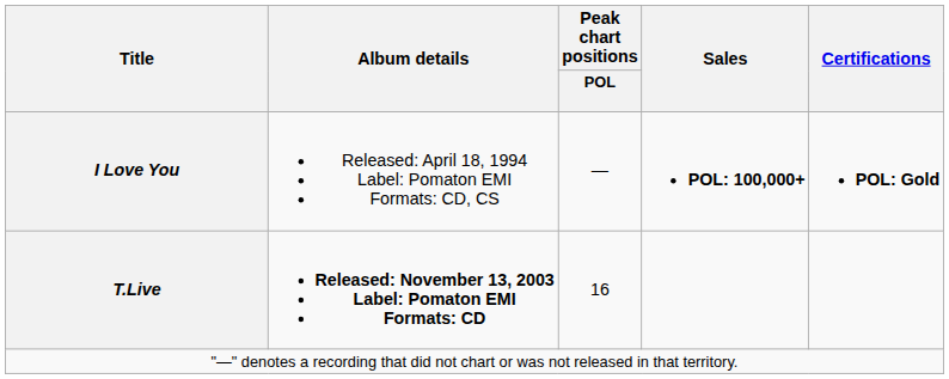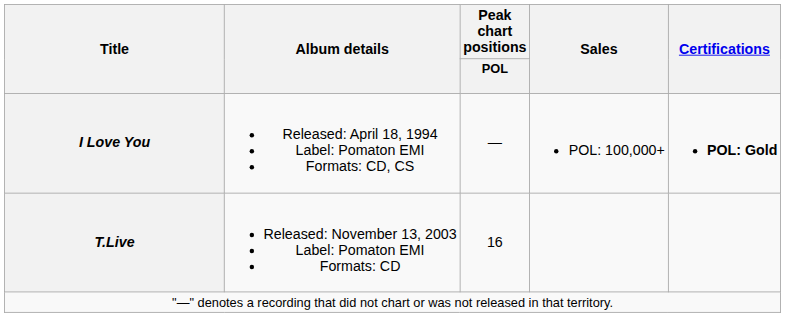 <table class="wikitable plainrowheaders" style="text-align:center;">
 <tr>
 <th scope="col" rowspan="2" style="width:15em;">Title</th>
 <th scope="col" rowspan="2">Album details</th>
 <th scope="col" colspan="1">Peak chart positions</th>
 <th scope="col" rowspan="2">Sales</th>
 <th scope="col" rowspan="2"><a href='#'>Certifications</a></th>
 </tr>
 <tr>
 <th scope="col" style="width:3em;font-size:90%;">POL<br><br></th>
 </tr>
 <tr>
 <th scope="row"><em>I Love You</em></th>
 <td><br><ul><li>Released: April 18, 1994</li><li>Label: Pomaton EMI</li><li>Formats: CD, CS</li></ul></td>
 <td>—</td>
-<td><strong><br><ul><li>POL: 100,000+</li></ul></strong></td>
+<td><br><ul><li>POL: 100,000+</li></ul></td>
 <td><strong><br><ul><li>POL: Gold</li></ul></strong></td>
 </tr>
 <tr>
 <th scope="row"><em>T.Live</em></th>
-<td><strong><br><ul><li>Released: November 13, 2003</li><li>Label: Pomaton EMI</li><li>Formats: CD</li></ul></strong></td>
+<td><br><ul><li>Released: November 13, 2003</li><li>Label: Pomaton EMI</li><li>Formats: CD</li></ul></td>
 <td>16</td>
 <td></td>
 <td></td>
 </tr>
 <tr>
 <td colspan="20" style="font-size:90%">"—" denotes a recording that did not chart or was not released in that territory.</td>
 </tr>
 </table>
